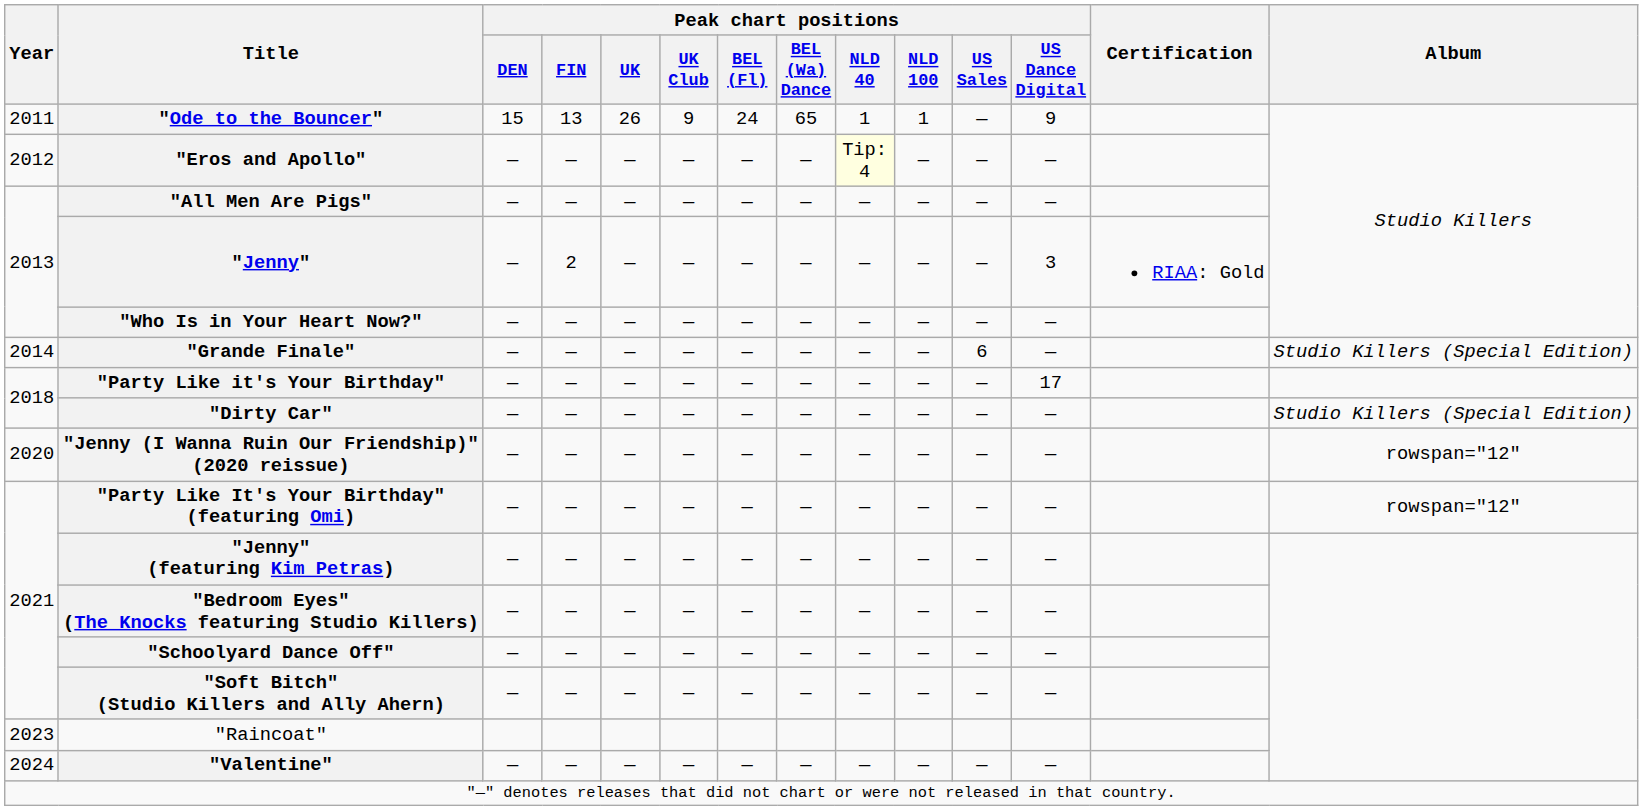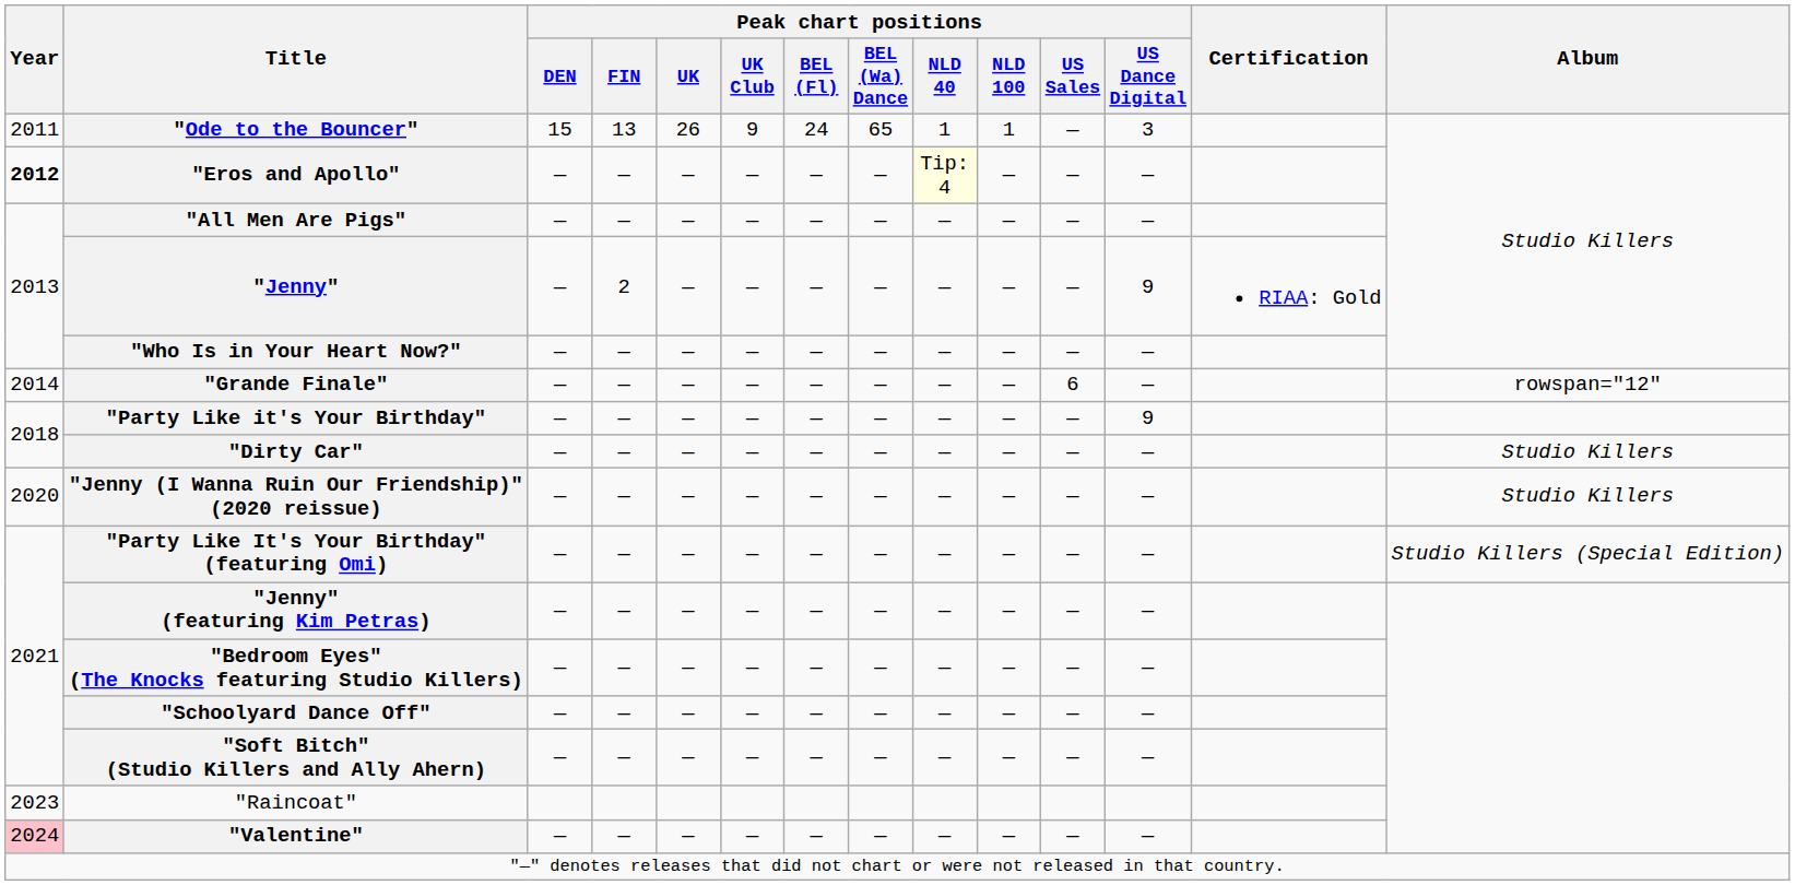 <table class="wikitable plainrowheaders" style="text-align:center;">
 <tr>
 <th scope="col" rowspan="2">Year</th>
 <th scope="col" rowspan="2">Title</th>
 <th scope="col" colspan="10">Peak chart positions</th>
 <th scope="col" rowspan="2">Certification</th>
 <th scope="col" rowspan="2">Album</th>
 </tr>
 <tr>
 <th scope="col" style="width:3em;font-size:90%;"><a href='#'>DEN</a><br></th>
 <th scope="col" style="width:3em;font-size:90%;"><a href='#'>FIN</a><br></th>
 <th scope="col" style="width:3em;font-size:90%;"><a href='#'>UK</a><br></th>
 <th scope="col" style="width:3em;font-size:90%;"><a href='#'>UK<br>Club</a><br></th>
 <th scope="col" style="width:3em;font-size:90%;"><a href='#'>BEL<br>(Fl)</a><br></th>
 <th scope="col" style="width:3em;font-size:90%;"><a href='#'>BEL<br>(Wa)<br>Dance</a><br></th>
 <th scope="col" style="width:3em;font-size:90%;"><a href='#'>NLD<br>40</a><br></th>
 <th scope="col" style="width:3em;font-size:90%;"><a href='#'>NLD<br>100</a><br></th>
 <th scope="col" style="width:3em;font-size:90%;"><a href='#'>US<br>Sales</a><br></th>
 <th scope="col" style="width:3em;font-size:90%;"><a href='#'>US<br>Dance<br>Digital</a><br></th>
 </tr>
 <tr>
 <td>2011</td>
 <th scope="row">"<a href='#'>Ode to the Bouncer</a>"</th>
 <td>15</td>
 <td>13</td>
 <td>26</td>
 <td>9</td>
 <td>24</td>
 <td>65</td>
 <td>1</td>
 <td>1</td>
 <td>—</td>
-<td>9</td>
+<td>3</td>
 <td></td>
 <td rowspan=5><em>Studio Killers</em></td>
 </tr>
 <tr>
-<td>2012</td>
+<td><strong>2012</strong></td>
 <th scope="row">"Eros and Apollo"</th>
 <td>—</td>
 <td>—</td>
 <td>—</td>
 <td>—</td>
 <td>—</td>
 <td>—</td>
 <td style="background: lightyellow;">Tip: 4</td>
 <td>—</td>
 <td>—</td>
 <td>—</td>
 <td></td>
 </tr>
 <tr>
 <td rowspan=3>2013</td>
 <th scope="row">"All Men Are Pigs"</th>
 <td>—</td>
 <td>—</td>
 <td>—</td>
 <td>—</td>
 <td>—</td>
 <td>—</td>
 <td>—</td>
 <td>—</td>
 <td>—</td>
 <td>—</td>
 <td></td>
 </tr>
 <tr>
 <th scope="row">"<a href='#'>Jenny</a>"</th>
 <td>—</td>
 <td>2</td>
 <td>—</td>
 <td>—</td>
 <td>—</td>
 <td>—</td>
 <td>—</td>
 <td>—</td>
 <td>—</td>
-<td>3</td>
+<td>9</td>
 <td><br><ul><li><a href='#'>RIAA</a>: Gold</li></ul></td>
 </tr>
 <tr>
 <th scope="row">"Who Is in Your Heart Now?"</th>
 <td>—</td>
 <td>—</td>
 <td>—</td>
 <td>—</td>
 <td>—</td>
 <td>—</td>
 <td>—</td>
 <td>—</td>
 <td>—</td>
 <td>—</td>
 <td></td>
 </tr>
 <tr>
 <td>2014</td>
 <th scope="row">"Grande Finale"</th>
 <td>—</td>
 <td>—</td>
 <td>—</td>
 <td>—</td>
 <td>—</td>
 <td>—</td>
 <td>—</td>
 <td>—</td>
 <td>6</td>
 <td>—</td>
 <td></td>
-<td><em>Studio Killers (Special Edition)</em></td>
+<td>rowspan="12" </td>
 </tr>
 <tr>
 <td rowspan="2">2018</td>
 <th scope="row">"Party Like it's Your Birthday"</th>
 <td>—</td>
 <td>—</td>
 <td>—</td>
 <td>—</td>
 <td>—</td>
 <td>—</td>
 <td>—</td>
 <td>—</td>
 <td>—</td>
-<td>17</td>
+<td>9</td>
 <td></td>
 <td></td>
 </tr>
 <tr>
 <th scope="row">"Dirty Car"</th>
 <td>—</td>
 <td>—</td>
 <td>—</td>
 <td>—</td>
 <td>—</td>
 <td>—</td>
 <td>—</td>
 <td>—</td>
 <td>—</td>
 <td>—</td>
 <td></td>
-<td><em>Studio Killers (Special Edition)</em></td>
+<td><em>Studio Killers</em></td>
 </tr>
 <tr>
 <td>2020</td>
 <th scope="row">"Jenny (I Wanna Ruin Our Friendship)"<br><span>(2020 reissue)</span></th>
 <td>—</td>
 <td>—</td>
 <td>—</td>
 <td>—</td>
 <td>—</td>
 <td>—</td>
 <td>—</td>
 <td>—</td>
 <td>—</td>
 <td>—</td>
 <td></td>
-<td>rowspan="12" </td>
+<td><em>Studio Killers</em></td>
 </tr>
 <tr>
 <td rowspan="5">2021</td>
 <th scope="row">"Party Like It's Your Birthday"<br><span>(featuring <a href='#'>Omi</a>)</span></th>
 <td>—</td>
 <td>—</td>
 <td>—</td>
 <td>—</td>
 <td>—</td>
 <td>—</td>
 <td>—</td>
 <td>—</td>
 <td>—</td>
 <td>—</td>
 <td></td>
-<td>rowspan="12" </td>
+<td><em>Studio Killers (Special Edition)</em></td>
 </tr>
 <tr>
 <th scope="row">"Jenny"<br><span>(featuring <a href='#'>Kim Petras</a>)</span></th>
 <td>—</td>
 <td>—</td>
 <td>—</td>
 <td>—</td>
 <td>—</td>
 <td>—</td>
 <td>—</td>
 <td>—</td>
 <td>—</td>
 <td>—</td>
 <td></td>
 </tr>
 <tr>
 <th scope="row">"Bedroom Eyes"<br><span>(<a href='#'>The Knocks</a> featuring Studio Killers)</span></th>
 <td>—</td>
 <td>—</td>
 <td>—</td>
 <td>—</td>
 <td>—</td>
 <td>—</td>
 <td>—</td>
 <td>—</td>
 <td>—</td>
 <td>—</td>
 <td></td>
 </tr>
 <tr>
 <th scope="row">"Schoolyard Dance Off"</th>
 <td>—</td>
 <td>—</td>
 <td>—</td>
 <td>—</td>
 <td>—</td>
 <td>—</td>
 <td>—</td>
 <td>—</td>
 <td>—</td>
 <td>—</td>
 <td></td>
 </tr>
 <tr>
 <th scope="row">"Soft Bitch"<br><span>(Studio Killers and Ally Ahern)</span></th>
 <td>—</td>
 <td>—</td>
 <td>—</td>
 <td>—</td>
 <td>—</td>
 <td>—</td>
 <td>—</td>
 <td>—</td>
 <td>—</td>
 <td>—</td>
 <td></td>
 </tr>
 <tr>
 <td>2023</td>
 <td>"Raincoat"</td>
 <td></td>
 <td></td>
 <td></td>
 <td></td>
 <td></td>
 <td></td>
 <td></td>
 <td></td>
 <td></td>
 <td></td>
 <td></td>
 </tr>
 <tr>
-<td rowspan="1">2024</td>
+<td rowspan="1" style="background: pink;">2024</td>
 <th scope="row">"Valentine"</th>
 <td>—</td>
 <td>—</td>
 <td>—</td>
 <td>—</td>
 <td>—</td>
 <td>—</td>
 <td>—</td>
 <td>—</td>
 <td>—</td>
 <td>—</td>
 <td></td>
 </tr>
 <tr>
 <td colspan="14" style="font-size:8pt;text-align:center">"—" denotes releases that did not chart or were not released in that country.</td>
 </tr>
 </table>
